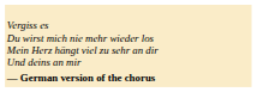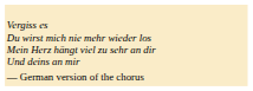 <table class="toccolours" style="float: left; margin-left: 1em; margin-right: 2em; font-size: 85%; background:#faecc8; color:black; width:30em; max-width: 20%;" cellspacing="2">
 <tr>
 <td style="text-align: left;"><br><em>Vergiss es</em><br> <em>Du wirst mich nie mehr wieder los</em><br> <em>Mein Herz hängt viel zu sehr an dir</em><br> <em>Und deins an mir</em><br></td>
 </tr>
 <tr>
-<td style="text-align: left;"><strong>— German version of the chorus</strong></td>
+<td style="text-align: left;">— German version of the chorus</td>
 </tr>
 </table>
